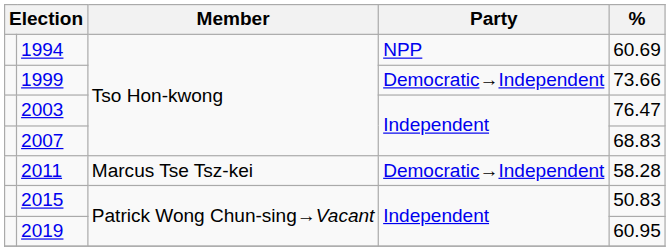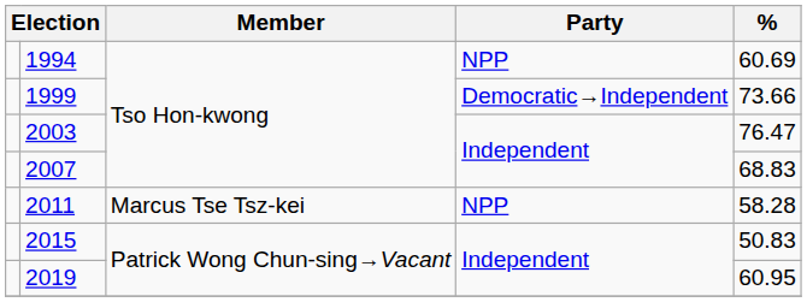 <table class="wikitable">
 <tr>
 <th colspan="2">Election</th>
 <th>Member</th>
 <th>Party</th>
 <th>%</th>
 </tr>
 <tr>
 <td style="background-color: "></td>
 <td><a href='#'>1994</a></td>
 <td rowspan=4>Tso Hon-kwong</td>
 <td><a href='#'>NPP</a></td>
 <td>60.69</td>
 </tr>
 <tr>
 <td style="background-color: "></td>
 <td><a href='#'>1999</a></td>
 <td><a href='#'>Democratic</a>→<a href='#'>Independent</a></td>
 <td>73.66</td>
 </tr>
 <tr>
 <td style="background-color: "></td>
 <td><a href='#'>2003</a></td>
 <td rowspan=2><a href='#'>Independent</a></td>
 <td>76.47</td>
 </tr>
 <tr>
 <td style="background-color: "></td>
 <td><a href='#'>2007</a></td>
 <td>68.83</td>
 </tr>
 <tr>
 <td style="background-color: "></td>
 <td><a href='#'>2011</a></td>
 <td>Marcus Tse Tsz-kei</td>
-<td><a href='#'>Democratic</a>→<a href='#'>Independent</a></td>
+<td><a href='#'>NPP</a></td>
 <td>58.28</td>
 </tr>
 <tr>
 <td style="background-color: "></td>
 <td><a href='#'>2015</a></td>
 <td rowspan=2>Patrick Wong Chun-sing→<em>Vacant</em></td>
 <td rowspan=2><a href='#'>Independent</a></td>
 <td>50.83</td>
 </tr>
 <tr>
 <td style="background-color: "></td>
 <td><a href='#'>2019</a></td>
 <td>60.95</td>
 </tr>
 <tr>
 </tr>
 </table>
